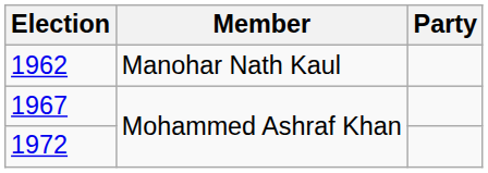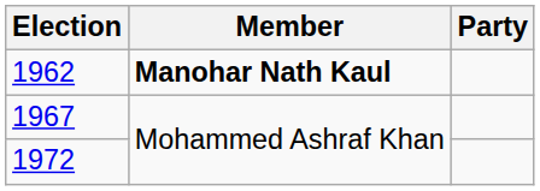 <table class="wikitable sortable">
 <tr>
 <th>Election</th>
 <th>Member</th>
 <th colspan=2>Party</th>
 </tr>
 <tr>
 <td><a href='#'>1962</a></td>
-<td>Manohar Nath Kaul</td>
+<td><strong>Manohar Nath Kaul</strong></td>
 <td></td>
 </tr>
 <tr>
 <td><a href='#'>1967</a></td>
 <td rowspan=2>Mohammed Ashraf Khan</td>
 <td></td>
 </tr>
 <tr>
 <td><a href='#'>1972</a></td>
 </tr>
 </table>
